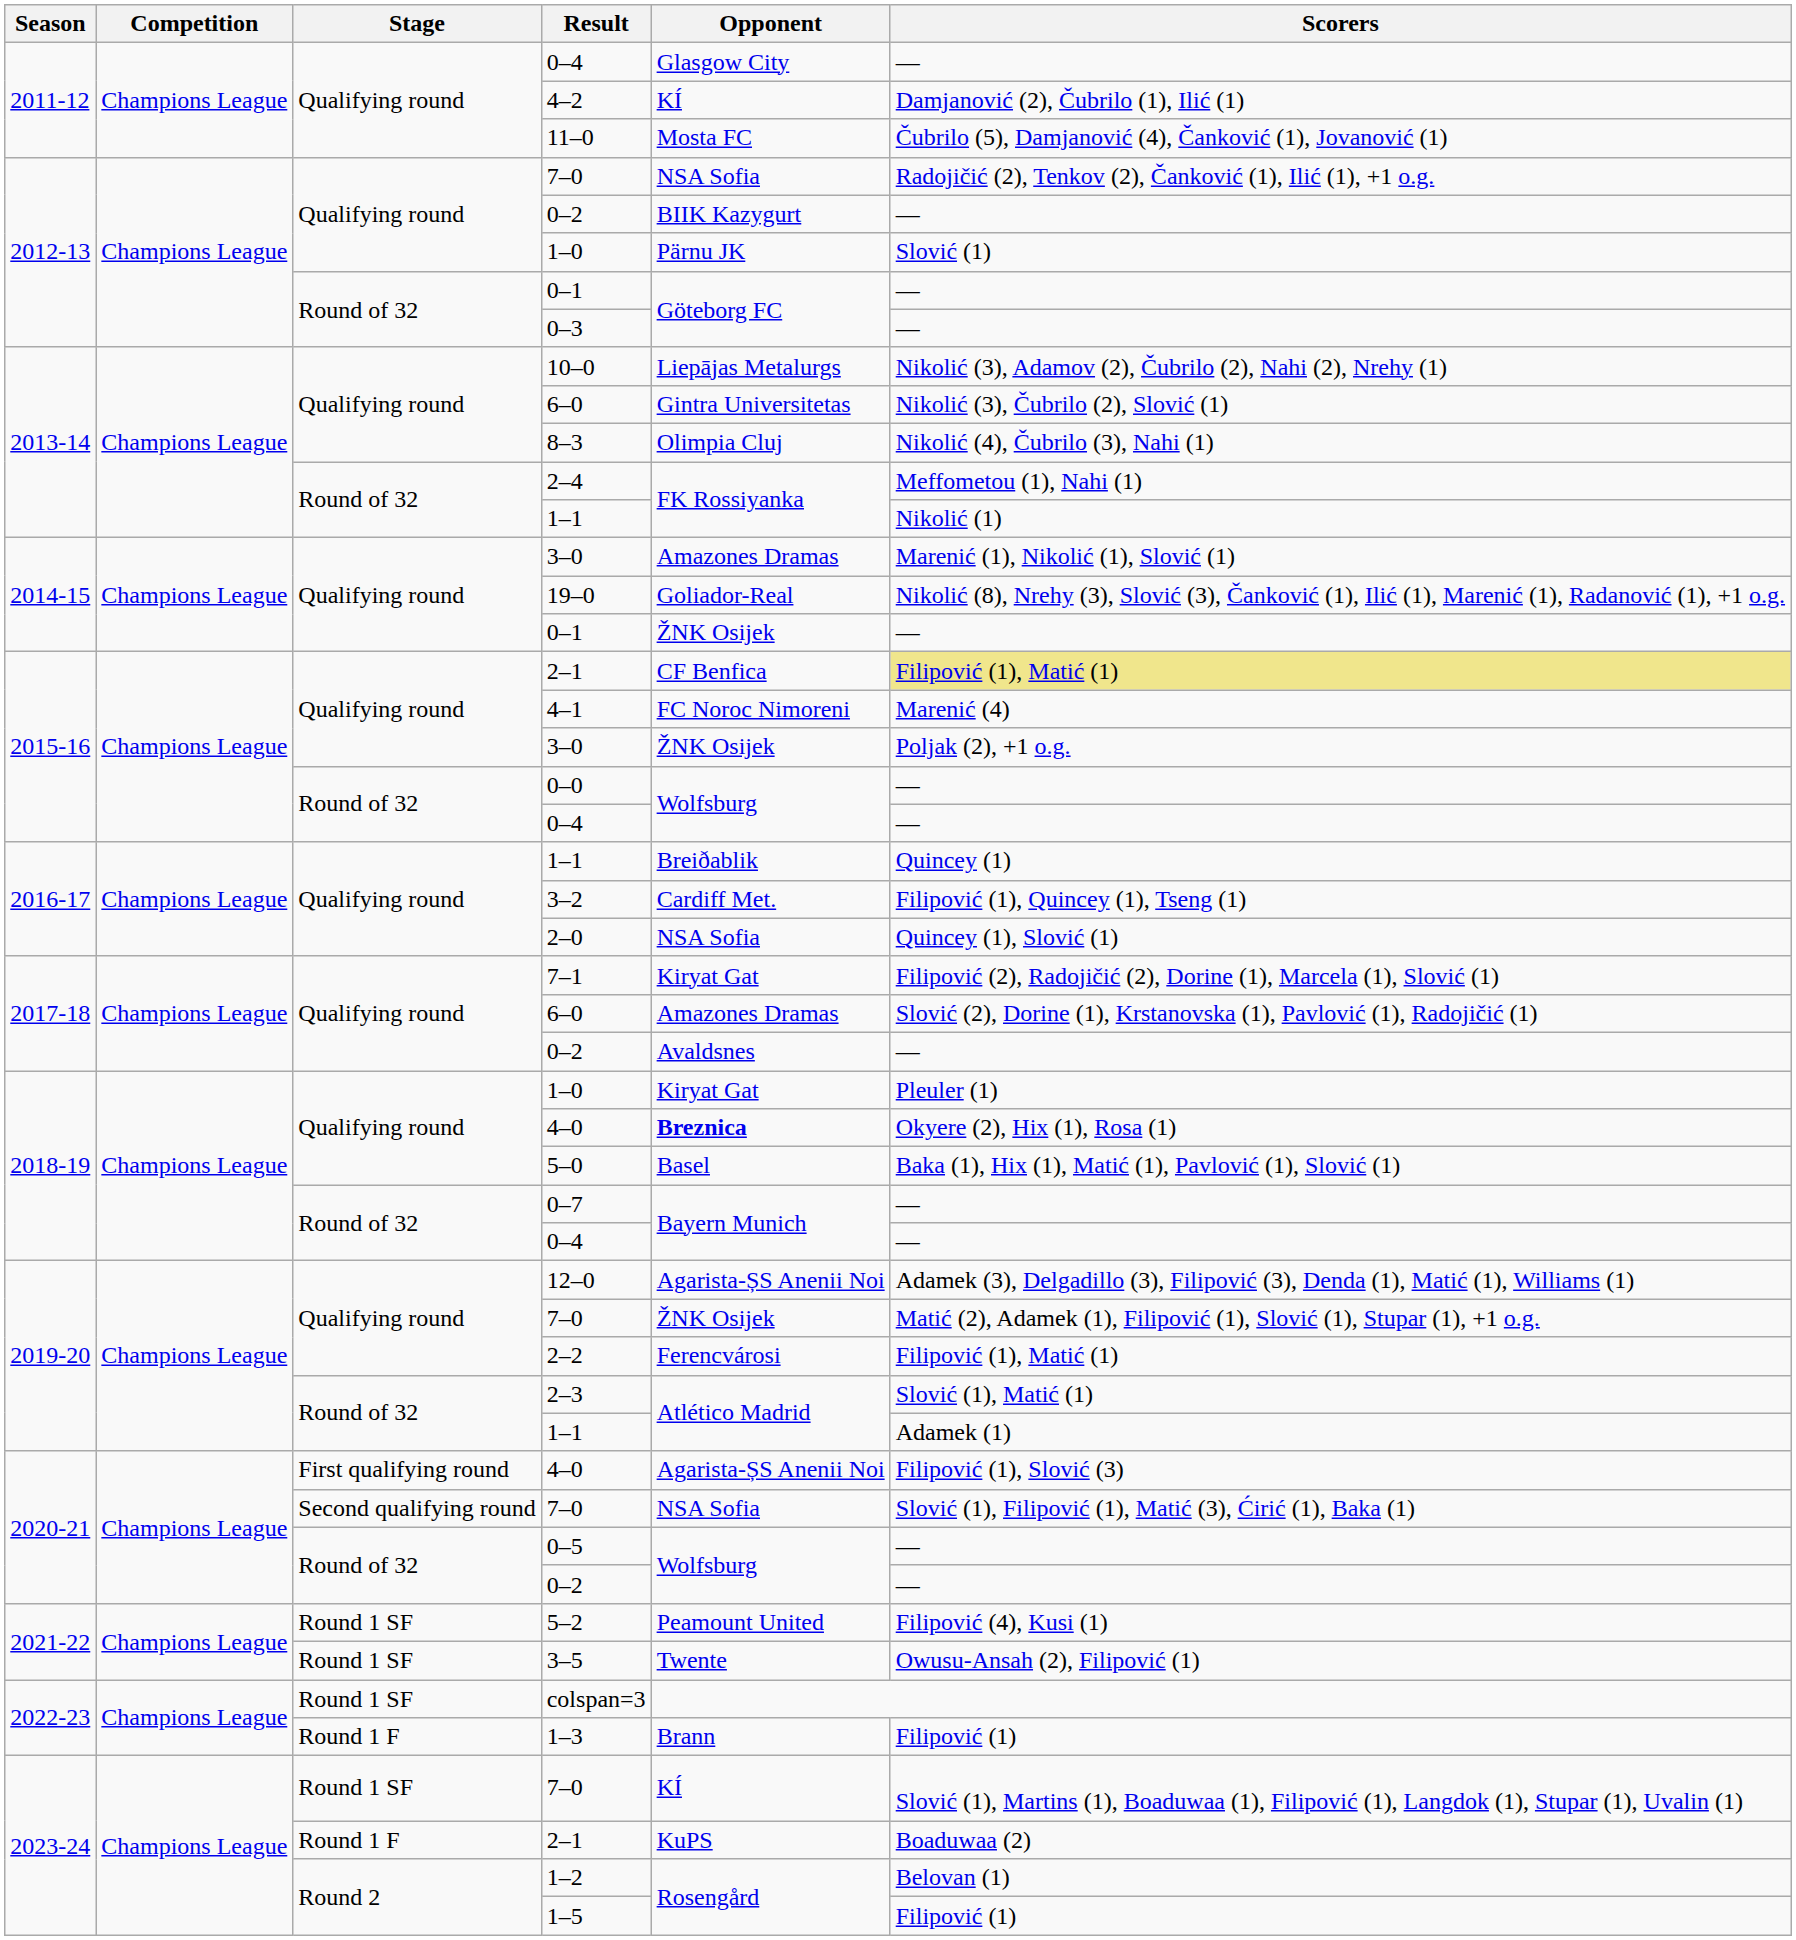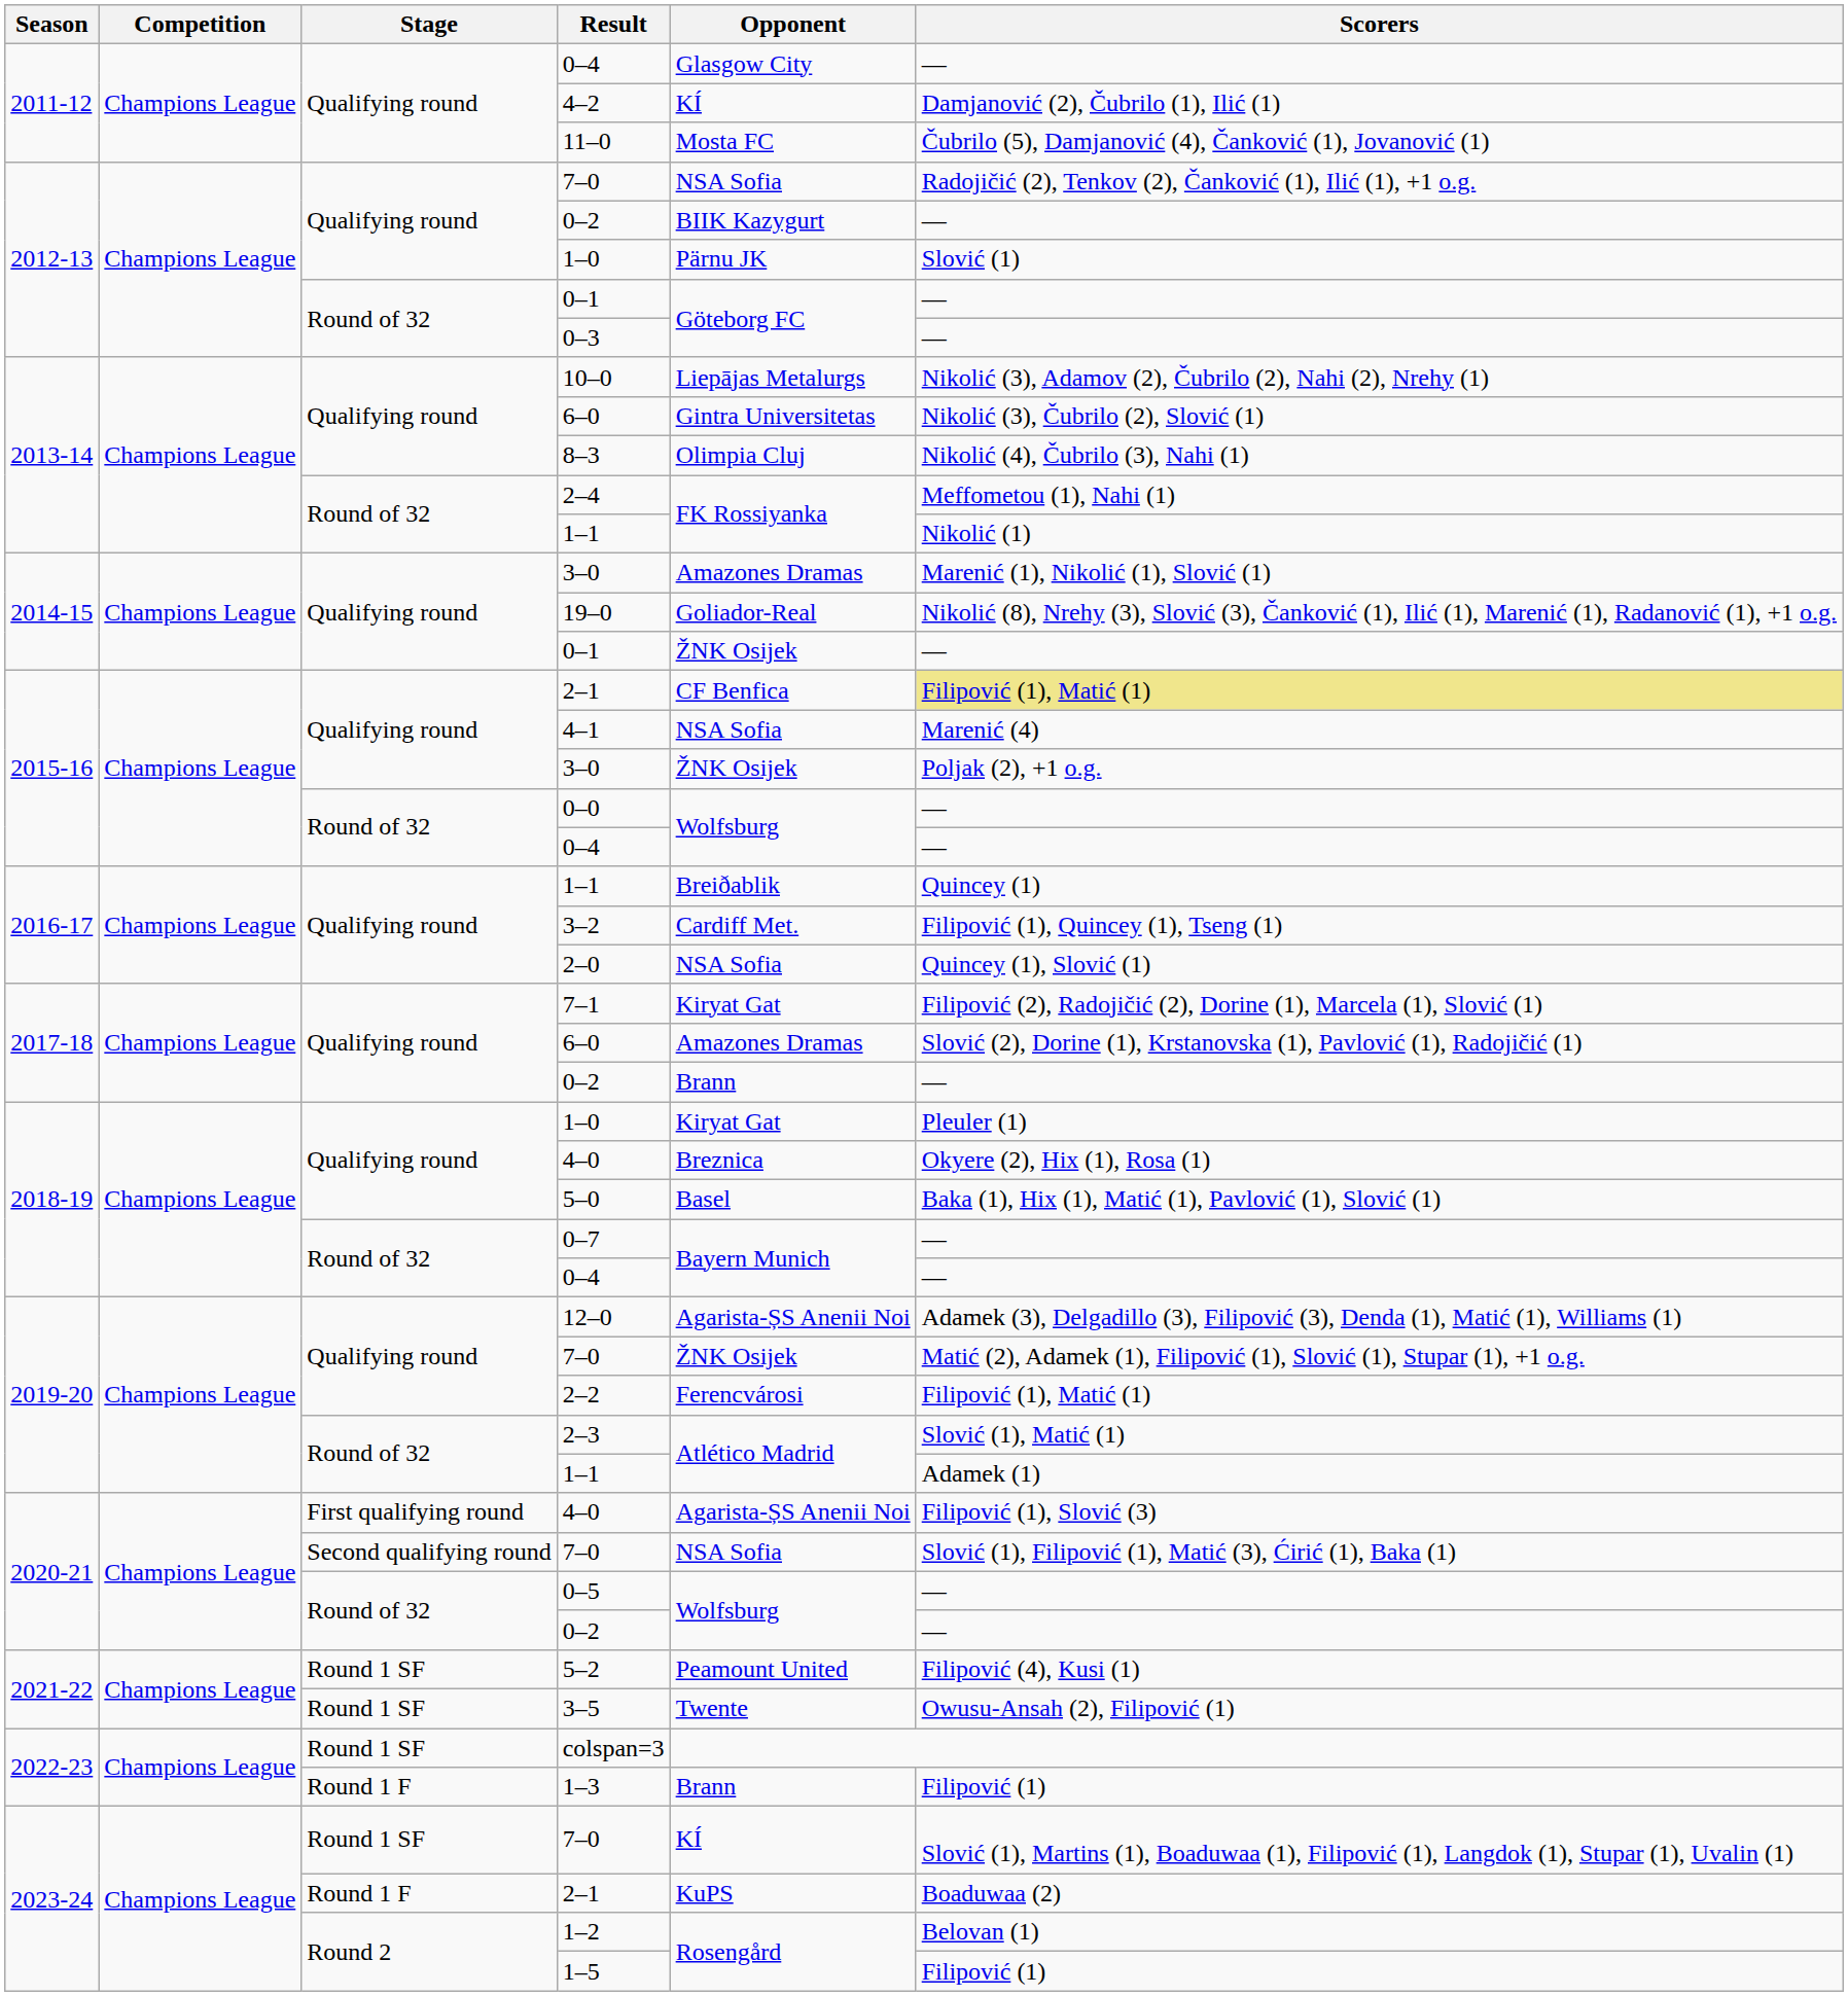 <table class="wikitable">
 <tr>
 <th>Season</th>
 <th>Competition</th>
 <th>Stage</th>
 <th>Result</th>
 <th>Opponent</th>
 <th>Scorers</th>
 </tr>
 <tr>
 <td rowspan=3><a href='#'>2011-12</a></td>
 <td rowspan=3><a href='#'>Champions League</a></td>
 <td rowspan=3>Qualifying round</td>
 <td>0–4</td>
 <td> <a href='#'>Glasgow City</a></td>
 <td>—</td>
 </tr>
 <tr>
 <td>4–2</td>
 <td> <a href='#'>KÍ</a></td>
 <td><a href='#'>Damjanović</a> (2), <a href='#'>Čubrilo</a> (1), <a href='#'>Ilić</a> (1)</td>
 </tr>
 <tr>
 <td>11–0</td>
 <td> <a href='#'>Mosta FC</a></td>
 <td><a href='#'>Čubrilo</a> (5), <a href='#'>Damjanović</a> (4), <a href='#'>Čanković</a> (1), <a href='#'>Jovanović</a> (1)</td>
 </tr>
 <tr>
 <td rowspan=5><a href='#'>2012-13</a></td>
 <td rowspan=5><a href='#'>Champions League</a></td>
 <td rowspan=3>Qualifying round</td>
 <td>7–0</td>
 <td> <a href='#'>NSA Sofia</a></td>
 <td><a href='#'>Radojičić</a> (2), <a href='#'>Tenkov</a> (2), <a href='#'>Čanković</a> (1), <a href='#'>Ilić</a> (1), +1 <a href='#'>o.g.</a></td>
 </tr>
 <tr>
 <td>0–2</td>
 <td> <a href='#'>BIIK Kazygurt</a></td>
 <td>—</td>
 </tr>
 <tr>
 <td>1–0</td>
 <td> <a href='#'>Pärnu JK</a></td>
 <td><a href='#'>Slović</a> (1)</td>
 </tr>
 <tr>
 <td rowspan=2>Round of 32</td>
 <td>0–1</td>
 <td rowspan=2> <a href='#'>Göteborg FC</a></td>
 <td>—</td>
 </tr>
 <tr>
 <td>0–3</td>
 <td>—</td>
 </tr>
 <tr>
 <td rowspan=5><a href='#'>2013-14</a></td>
 <td rowspan=5><a href='#'>Champions League</a></td>
 <td rowspan=3>Qualifying round</td>
 <td>10–0</td>
 <td> <a href='#'>Liepājas Metalurgs</a></td>
 <td><a href='#'>Nikolić</a> (3), <a href='#'>Adamov</a> (2), <a href='#'>Čubrilo</a> (2), <a href='#'>Nahi</a> (2), <a href='#'>Nrehy</a> (1)</td>
 </tr>
 <tr>
 <td>6–0</td>
 <td> <a href='#'>Gintra Universitetas</a></td>
 <td><a href='#'>Nikolić</a> (3), <a href='#'>Čubrilo</a> (2), <a href='#'>Slović</a> (1)</td>
 </tr>
 <tr>
 <td>8–3</td>
 <td> <a href='#'>Olimpia Cluj</a></td>
 <td><a href='#'>Nikolić</a> (4), <a href='#'>Čubrilo</a> (3), <a href='#'>Nahi</a> (1)</td>
 </tr>
 <tr>
 <td rowspan=2>Round of 32</td>
 <td>2–4</td>
 <td rowspan=2> <a href='#'>FK Rossiyanka</a></td>
 <td><a href='#'>Meffometou</a> (1), <a href='#'>Nahi</a> (1)</td>
 </tr>
 <tr>
 <td>1–1</td>
 <td><a href='#'>Nikolić</a> (1)</td>
 </tr>
 <tr>
 <td rowspan=3><a href='#'>2014-15</a></td>
 <td rowspan=3><a href='#'>Champions League</a></td>
 <td rowspan=3>Qualifying round</td>
 <td>3–0</td>
 <td> <a href='#'>Amazones Dramas</a></td>
 <td><a href='#'>Marenić</a> (1),  <a href='#'>Nikolić</a> (1), <a href='#'>Slović</a> (1)</td>
 </tr>
 <tr>
 <td>19–0</td>
 <td> <a href='#'>Goliador-Real</a></td>
 <td><a href='#'>Nikolić</a> (8), <a href='#'>Nrehy</a> (3), <a href='#'>Slović</a> (3), <a href='#'>Čanković</a> (1), <a href='#'>Ilić</a> (1), <a href='#'>Marenić</a> (1), <a href='#'>Radanović</a> (1), +1 <a href='#'>o.g.</a></td>
 </tr>
 <tr>
 <td>0–1</td>
 <td> <a href='#'>ŽNK Osijek</a></td>
 <td>—</td>
 </tr>
 <tr>
 <td rowspan=5><a href='#'>2015-16</a></td>
 <td rowspan=5><a href='#'>Champions League</a></td>
 <td rowspan=3>Qualifying round</td>
 <td>2–1</td>
 <td> <a href='#'>CF Benfica</a></td>
 <td style="background: khaki;"><a href='#'>Filipović</a> (1), <a href='#'>Matić</a> (1)</td>
 </tr>
 <tr>
 <td>4–1</td>
-<td> <a href='#'>FC Noroc Nimoreni</a></td>
+<td> <a href='#'>NSA Sofia</a></td>
 <td><a href='#'>Marenić</a> (4)</td>
 </tr>
 <tr>
 <td>3–0</td>
 <td> <a href='#'>ŽNK Osijek</a></td>
 <td><a href='#'>Poljak</a> (2), +1 <a href='#'>o.g.</a></td>
 </tr>
 <tr>
 <td rowspan=2>Round of 32</td>
 <td>0–0</td>
 <td rowspan=2> <a href='#'>Wolfsburg</a></td>
 <td>—</td>
 </tr>
 <tr>
 <td>0–4</td>
 <td>—</td>
 </tr>
 <tr>
 <td rowspan=3><a href='#'>2016-17</a></td>
 <td rowspan=3><a href='#'>Champions League</a></td>
 <td rowspan=3>Qualifying round</td>
 <td>1–1</td>
 <td> <a href='#'>Breiðablik</a></td>
 <td><a href='#'>Quincey</a> (1)</td>
 </tr>
 <tr>
 <td>3–2</td>
 <td> <a href='#'>Cardiff Met.</a></td>
 <td><a href='#'>Filipović</a> (1), <a href='#'>Quincey</a> (1), <a href='#'>Tseng</a> (1)</td>
 </tr>
 <tr>
 <td>2–0</td>
 <td> <a href='#'>NSA Sofia</a></td>
 <td><a href='#'>Quincey</a> (1), <a href='#'>Slović</a> (1)</td>
 </tr>
 <tr>
 <td rowspan=3><a href='#'>2017-18</a></td>
 <td rowspan=3><a href='#'>Champions League</a></td>
 <td rowspan=3>Qualifying round</td>
 <td>7–1</td>
 <td> <a href='#'>Kiryat Gat</a></td>
 <td><a href='#'>Filipović</a> (2), <a href='#'>Radojičić</a> (2), <a href='#'>Dorine</a> (1), <a href='#'>Marcela</a> (1), <a href='#'>Slović</a> (1)</td>
 </tr>
 <tr>
 <td>6–0</td>
 <td> <a href='#'>Amazones Dramas</a></td>
 <td><a href='#'>Slović</a> (2), <a href='#'>Dorine</a> (1), <a href='#'>Krstanovska</a> (1), <a href='#'>Pavlović</a> (1), <a href='#'>Radojičić</a> (1)</td>
 </tr>
 <tr>
 <td>0–2</td>
-<td> <a href='#'>Avaldsnes</a></td>
+<td> <a href='#'>Brann</a></td>
 <td>—</td>
 </tr>
 <tr>
 <td rowspan=5><a href='#'>2018-19</a></td>
 <td rowspan=5><a href='#'>Champions League</a></td>
 <td rowspan=3>Qualifying round</td>
 <td>1–0</td>
 <td> <a href='#'>Kiryat Gat</a></td>
 <td><a href='#'>Pleuler</a> (1)</td>
 </tr>
 <tr>
 <td>4–0</td>
-<td><strong> <a href='#'>Breznica</a></strong></td>
+<td> <a href='#'>Breznica</a></td>
 <td><a href='#'>Okyere</a> (2), <a href='#'>Hix</a> (1), <a href='#'>Rosa</a> (1)</td>
 </tr>
 <tr>
 <td>5–0</td>
 <td> <a href='#'>Basel</a></td>
 <td><a href='#'>Baka</a> (1), <a href='#'>Hix</a> (1), <a href='#'>Matić</a> (1), <a href='#'>Pavlović</a> (1), <a href='#'>Slović</a> (1)</td>
 </tr>
 <tr>
 <td rowspan=2>Round of 32</td>
 <td>0–7</td>
 <td rowspan=2> <a href='#'>Bayern Munich</a></td>
 <td>—</td>
 </tr>
 <tr>
 <td>0–4</td>
 <td>—</td>
 </tr>
 <tr>
 <td rowspan=5><a href='#'>2019-20</a></td>
 <td rowspan=5><a href='#'>Champions League</a></td>
 <td rowspan=3>Qualifying round</td>
 <td>12–0</td>
 <td> <a href='#'>Agarista-ȘS Anenii Noi</a></td>
 <td>Adamek (3), <a href='#'>Delgadillo</a> (3), <a href='#'>Filipović</a> (3), <a href='#'>Denda</a> (1), <a href='#'>Matić</a> (1), <a href='#'>Williams</a> (1)</td>
 </tr>
 <tr>
 <td>7–0</td>
 <td> <a href='#'>ŽNK Osijek</a></td>
 <td><a href='#'>Matić</a> (2), Adamek (1), <a href='#'>Filipović</a> (1), <a href='#'>Slović</a> (1), <a href='#'>Stupar</a> (1), +1 <a href='#'>o.g.</a></td>
 </tr>
 <tr>
 <td>2–2</td>
 <td> <a href='#'>Ferencvárosi</a></td>
 <td><a href='#'>Filipović</a> (1), <a href='#'>Matić</a> (1)</td>
 </tr>
 <tr>
 <td rowspan=2>Round of 32</td>
 <td>2–3</td>
 <td rowspan=2> <a href='#'>Atlético Madrid</a></td>
 <td><a href='#'>Slović</a> (1), <a href='#'>Matić</a> (1)</td>
 </tr>
 <tr>
 <td>1–1</td>
 <td>Adamek (1)</td>
 </tr>
 <tr>
 <td rowspan=4><a href='#'>2020-21</a></td>
 <td rowspan=4><a href='#'>Champions League</a></td>
 <td>First qualifying round</td>
 <td>4–0</td>
 <td> <a href='#'>Agarista-ȘS Anenii Noi</a></td>
 <td><a href='#'>Filipović</a> (1), <a href='#'>Slović</a> (3)</td>
 </tr>
 <tr>
 <td>Second qualifying round</td>
 <td>7–0</td>
 <td> <a href='#'>NSA Sofia</a></td>
 <td><a href='#'>Slović</a> (1), <a href='#'>Filipović</a> (1), <a href='#'>Matić</a> (3), <a href='#'>Ćirić</a> (1), <a href='#'>Baka</a> (1)</td>
 </tr>
 <tr>
 <td rowspan=2>Round of 32</td>
 <td>0–5</td>
 <td rowspan=2> <a href='#'>Wolfsburg</a></td>
 <td>—</td>
 </tr>
 <tr>
 <td>0–2</td>
 <td>—</td>
 </tr>
 <tr>
 <td rowspan=2><a href='#'>2021-22</a></td>
 <td rowspan=2><a href='#'>Champions League</a></td>
 <td>Round 1 SF</td>
 <td>5–2</td>
 <td> <a href='#'>Peamount United</a></td>
 <td><a href='#'>Filipović</a> (4), <a href='#'>Kusi</a> (1)</td>
 </tr>
 <tr>
 <td>Round 1 SF</td>
 <td>3–5</td>
 <td> <a href='#'>Twente</a></td>
 <td><a href='#'>Owusu-Ansah</a> (2), <a href='#'>Filipović</a> (1)</td>
 </tr>
 <tr>
 <td rowspan=2><a href='#'>2022-23</a></td>
 <td rowspan=2><a href='#'>Champions League</a></td>
 <td>Round 1 SF</td>
 <td>colspan=3</td>
 </tr>
 <tr>
 <td>Round 1 F</td>
 <td>1–3</td>
 <td> <a href='#'>Brann</a></td>
 <td><a href='#'>Filipović</a> (1)</td>
 </tr>
 <tr>
 <td rowspan=4><a href='#'>2023-24</a></td>
 <td rowspan=4><a href='#'>Champions League</a></td>
 <td>Round 1 SF</td>
 <td>7–0</td>
 <td> <a href='#'>KÍ</a></td>
 <td><br><a href='#'>Slović</a> (1), <a href='#'>Martins</a> (1), <a href='#'>Boaduwaa</a> (1), <a href='#'>Filipović</a> (1), <a href='#'>Langdok</a> (1), <a href='#'>Stupar</a> (1), <a href='#'>Uvalin</a> (1)</td>
 </tr>
 <tr>
 <td>Round 1 F</td>
 <td>2–1</td>
 <td> <a href='#'>KuPS</a></td>
 <td><a href='#'>Boaduwaa</a> (2)</td>
 </tr>
 <tr>
 <td rowspan=2>Round 2</td>
 <td>1–2</td>
 <td rowspan=2> <a href='#'>Rosengård</a></td>
 <td><a href='#'>Belovan</a> (1)</td>
 </tr>
 <tr>
 <td>1–5</td>
 <td><a href='#'>Filipović</a> (1)</td>
 </tr>
 </table>
